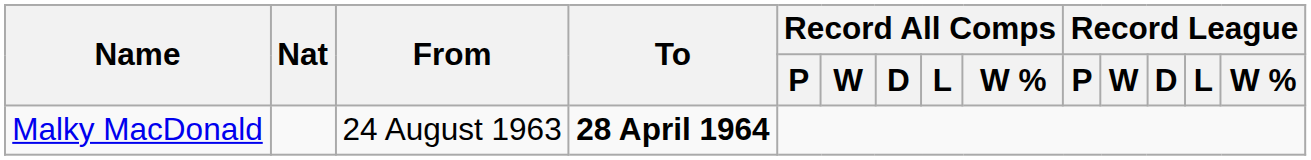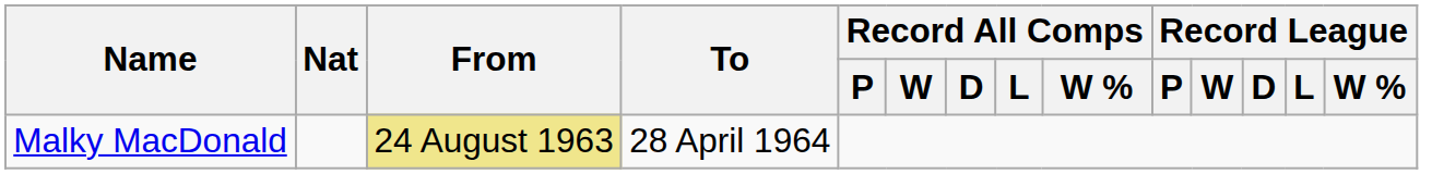 <table style="text-align: center" class="wikitable">
 <tr>
 <th rowspan="2">Name</th>
 <th rowspan="2">Nat</th>
 <th rowspan="2">From</th>
 <th rowspan="2">To</th>
 <th colspan="5">Record All Comps</th>
 <th colspan="5">Record League</th>
 </tr>
 <tr>
 <th>P</th>
 <th>W</th>
 <th>D</th>
 <th>L</th>
 <th>W %</th>
 <th>P</th>
 <th>W</th>
 <th>D</th>
 <th>L</th>
 <th>W %</th>
 </tr>
 <tr>
 <td style="text-align:left;"><a href='#'>Malky MacDonald</a></td>
 <td></td>
-<td style="text-align:left;">24 August 1963</td>
-<td style="text-align:left;"><strong>28 April 1964<br> </strong></td>
+<td style="background: khaki; text-align:left;">24 August 1963</td>
+<td style="text-align:left;">28 April 1964<br> </td>
 </tr>
 </table>
